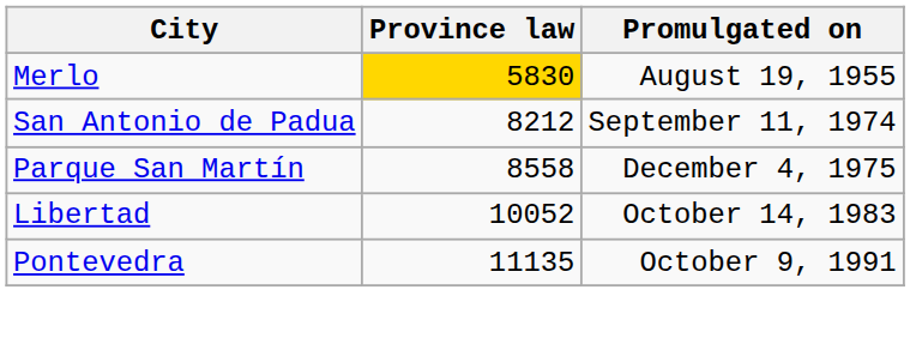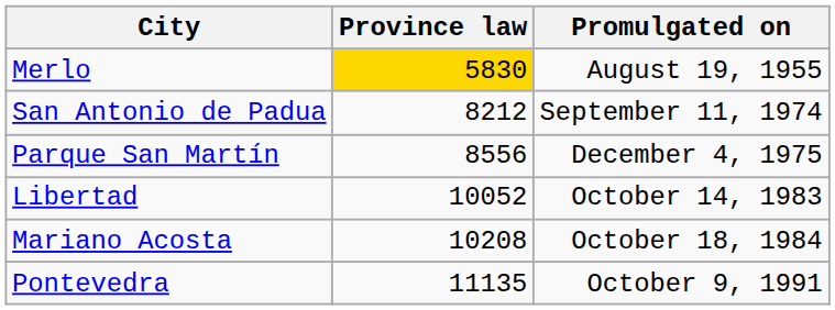 <table class="wikitable" style="float:left; margin-left:3px; text-size:80%; text-align:left">
 <tr>
 <th scope"col">City</th>
 <th scope"col">Province law</th>
 <th scope"col">Promulgated on</th>
 </tr>
 <tr>
 <td><a href='#'>Merlo</a></td>
 <td align=right style="background: gold;">5830</td>
 <td align=right>August 19, 1955</td>
 </tr>
 <tr>
 <td><a href='#'>San Antonio de Padua</a></td>
 <td align=right>8212</td>
 <td align=right>September 11, 1974</td>
 </tr>
 <tr>
 <td><a href='#'>Parque San Martín</a></td>
-<td align=right>8558</td>
+<td align=right>8556</td>
 <td align=right>December 4, 1975</td>
 </tr>
 <tr>
 <td><a href='#'>Libertad</a></td>
 <td align=right>10052</td>
 <td align=right>October 14, 1983</td>
 </tr>
 <tr>
+<td><a href='#'>Mariano Acosta</a></td>
+<td align=right>10208</td>
+<td align=right>October 18, 1984</td>
+</tr>
+<tr>
 <td><a href='#'>Pontevedra</a></td>
 <td align=right>11135</td>
 <td align=right>October 9, 1991</td>
 </tr>
 </table>
